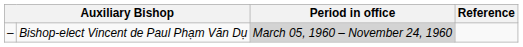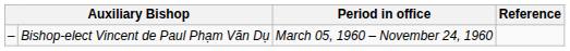 <table class="wikitable">
 <tr>
 <th colspan="2">Auxiliary Bishop</th>
 <th>Period in office</th>
 <th>Reference</th>
 </tr>
 <tr>
 <td>–</td>
 <td><em>Bishop-elect Vincent de Paul Phạm Văn Dụ</em></td>
-<td style="background: lightgrey;"><em>March 05, 1960 – November 24, 1960</em></td>
+<td><em>March 05, 1960 – November 24, 1960</em></td>
 <td></td>
 </tr>
 </table>
